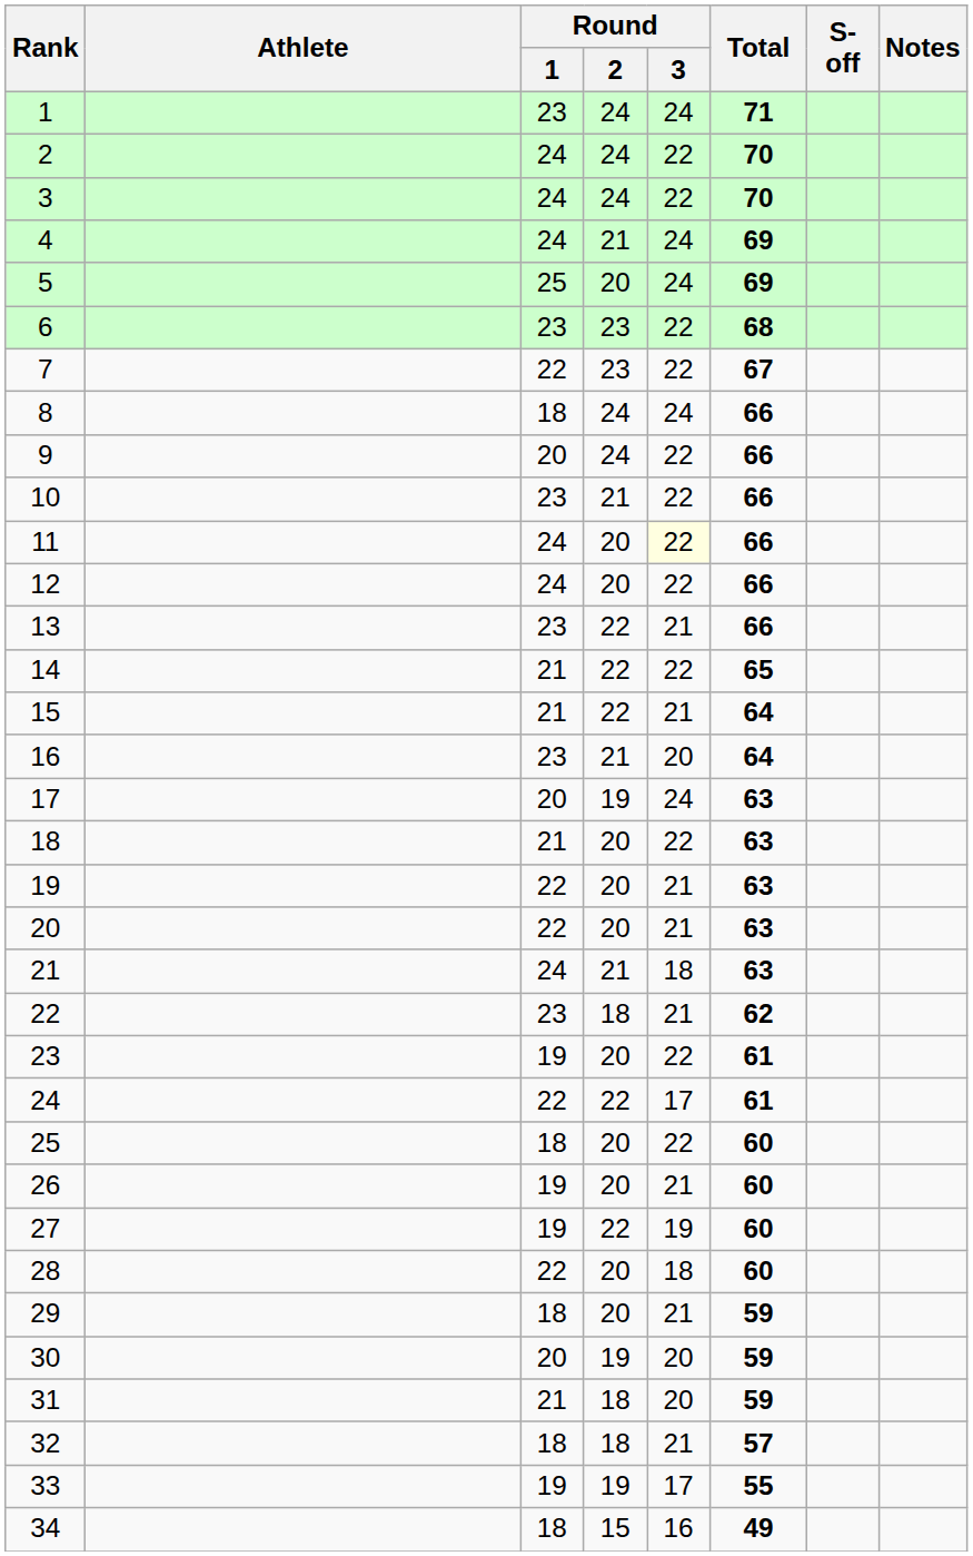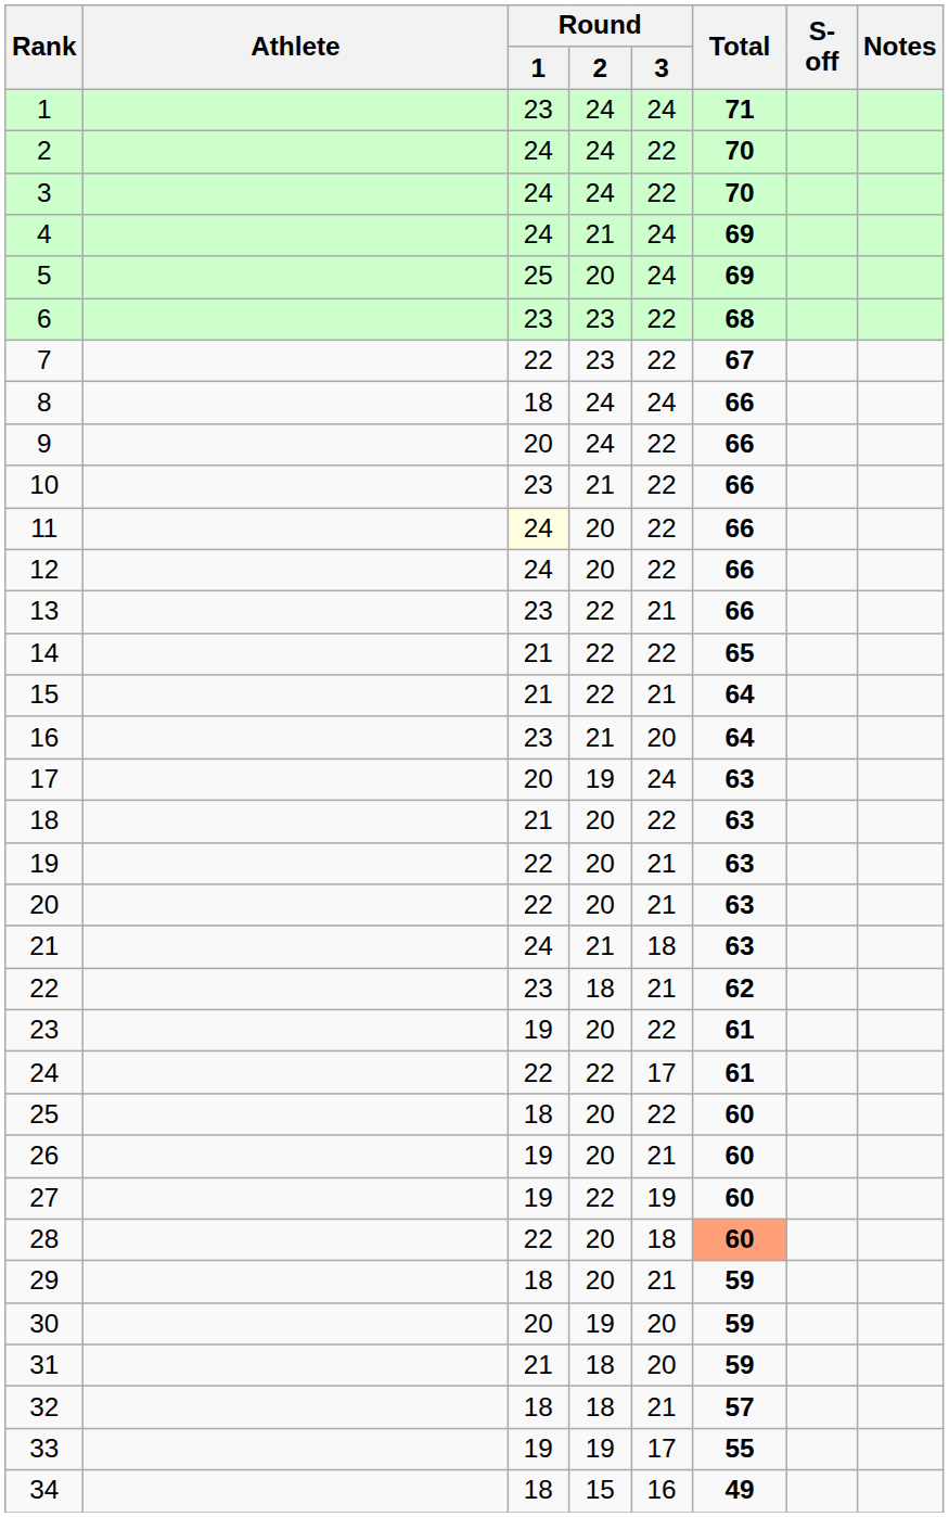 <table class="wikitable" style="text-align:center">
 <tr>
 <th rowspan=2 width=40>Rank</th>
 <th rowspan=2 width=250>Athlete</th>
 <th colspan=3>Round</th>
 <th rowspan=2 width=50>Total</th>
 <th rowspan=2 width=35>S-off</th>
 <th rowspan=2 width=45>Notes</th>
 </tr>
 <tr>
 <th width=30>1</th>
 <th width=30>2</th>
 <th width=30>3</th>
 </tr>
 <tr bgcolor=ccffcc>
 <td>1</td>
 <td align=left></td>
 <td>23</td>
 <td>24</td>
 <td>24</td>
 <td><strong>71</strong></td>
 <td></td>
 <td></td>
 </tr>
 <tr bgcolor=ccffcc>
 <td>2</td>
 <td align=left></td>
 <td>24</td>
 <td>24</td>
 <td>22</td>
 <td><strong>70</strong></td>
 <td></td>
 <td></td>
 </tr>
 <tr bgcolor=ccffcc>
 <td>3</td>
 <td align=left></td>
 <td>24</td>
 <td>24</td>
 <td>22</td>
 <td><strong>70</strong></td>
 <td></td>
 <td></td>
 </tr>
 <tr bgcolor=ccffcc>
 <td>4</td>
 <td align=left></td>
 <td>24</td>
 <td>21</td>
 <td>24</td>
 <td><strong>69</strong></td>
 <td></td>
 <td></td>
 </tr>
 <tr bgcolor=ccffcc>
 <td>5</td>
 <td align=left></td>
 <td>25</td>
 <td>20</td>
 <td>24</td>
 <td><strong>69</strong></td>
 <td></td>
 <td></td>
 </tr>
 <tr bgcolor=ccffcc>
 <td>6</td>
 <td align=left></td>
 <td>23</td>
 <td>23</td>
 <td>22</td>
 <td><strong>68</strong></td>
 <td></td>
 <td></td>
 </tr>
 <tr>
 <td>7</td>
 <td align=left></td>
 <td>22</td>
 <td>23</td>
 <td>22</td>
 <td><strong>67</strong></td>
 <td></td>
 <td></td>
 </tr>
 <tr>
 <td>8</td>
 <td align=left></td>
 <td>18</td>
 <td>24</td>
 <td>24</td>
 <td><strong>66</strong></td>
 <td></td>
 <td></td>
 </tr>
 <tr>
 <td>9</td>
 <td align=left></td>
 <td>20</td>
 <td>24</td>
 <td>22</td>
 <td><strong>66</strong></td>
 <td></td>
 <td></td>
 </tr>
 <tr>
 <td>10</td>
 <td align=left></td>
 <td>23</td>
 <td>21</td>
 <td>22</td>
 <td><strong>66</strong></td>
 <td></td>
 <td></td>
 </tr>
 <tr>
 <td>11</td>
 <td align=left></td>
-<td>24</td>
+<td style="background: lightyellow;">24</td>
 <td>20</td>
-<td style="background: lightyellow;">22</td>
+<td>22</td>
 <td><strong>66</strong></td>
 <td></td>
 <td></td>
 </tr>
 <tr>
 <td>12</td>
 <td align=left></td>
 <td>24</td>
 <td>20</td>
 <td>22</td>
 <td><strong>66</strong></td>
 <td></td>
 <td></td>
 </tr>
 <tr>
 <td>13</td>
 <td align=left></td>
 <td>23</td>
 <td>22</td>
 <td>21</td>
 <td><strong>66</strong></td>
 <td></td>
 <td></td>
 </tr>
 <tr>
 <td>14</td>
 <td align=left></td>
 <td>21</td>
 <td>22</td>
 <td>22</td>
 <td><strong>65</strong></td>
 <td></td>
 <td></td>
 </tr>
 <tr>
 <td>15</td>
 <td align=left></td>
 <td>21</td>
 <td>22</td>
 <td>21</td>
 <td><strong>64</strong></td>
 <td></td>
 <td></td>
 </tr>
 <tr>
 <td>16</td>
 <td align=left></td>
 <td>23</td>
 <td>21</td>
 <td>20</td>
 <td><strong>64</strong></td>
 <td></td>
 <td></td>
 </tr>
 <tr>
 <td>17</td>
 <td align=left></td>
 <td>20</td>
 <td>19</td>
 <td>24</td>
 <td><strong>63</strong></td>
 <td></td>
 <td></td>
 </tr>
 <tr>
 <td>18</td>
 <td align=left></td>
 <td>21</td>
 <td>20</td>
 <td>22</td>
 <td><strong>63</strong></td>
 <td></td>
 <td></td>
 </tr>
 <tr>
 <td>19</td>
 <td align=left></td>
 <td>22</td>
 <td>20</td>
 <td>21</td>
 <td><strong>63</strong></td>
 <td></td>
 <td></td>
 </tr>
 <tr>
 <td>20</td>
 <td align=left></td>
 <td>22</td>
 <td>20</td>
 <td>21</td>
 <td><strong>63</strong></td>
 <td></td>
 <td></td>
 </tr>
 <tr>
 <td>21</td>
 <td align=left></td>
 <td>24</td>
 <td>21</td>
 <td>18</td>
 <td><strong>63</strong></td>
 <td></td>
 <td></td>
 </tr>
 <tr>
 <td>22</td>
 <td align=left></td>
 <td>23</td>
 <td>18</td>
 <td>21</td>
 <td><strong>62</strong></td>
 <td></td>
 <td></td>
 </tr>
 <tr>
 <td>23</td>
 <td align=left></td>
 <td>19</td>
 <td>20</td>
 <td>22</td>
 <td><strong>61</strong></td>
 <td></td>
 <td></td>
 </tr>
 <tr>
 <td>24</td>
 <td align=left></td>
 <td>22</td>
 <td>22</td>
 <td>17</td>
 <td><strong>61</strong></td>
 <td></td>
 <td></td>
 </tr>
 <tr>
 <td>25</td>
 <td align=left></td>
 <td>18</td>
 <td>20</td>
 <td>22</td>
 <td><strong>60</strong></td>
 <td></td>
 <td></td>
 </tr>
 <tr>
 <td>26</td>
 <td align=left></td>
 <td>19</td>
 <td>20</td>
 <td>21</td>
 <td><strong>60</strong></td>
 <td></td>
 <td></td>
 </tr>
 <tr>
 <td>27</td>
 <td align=left></td>
 <td>19</td>
 <td>22</td>
 <td>19</td>
 <td><strong>60</strong></td>
 <td></td>
 <td></td>
 </tr>
 <tr>
 <td>28</td>
 <td align=left></td>
 <td>22</td>
 <td>20</td>
 <td>18</td>
-<td><strong>60</strong></td>
+<td style="background: lightsalmon;"><strong>60</strong></td>
 <td></td>
 <td></td>
 </tr>
 <tr>
 <td>29</td>
 <td align=left></td>
 <td>18</td>
 <td>20</td>
 <td>21</td>
 <td><strong>59</strong></td>
 <td></td>
 <td></td>
 </tr>
 <tr>
 <td>30</td>
 <td align=left></td>
 <td>20</td>
 <td>19</td>
 <td>20</td>
 <td><strong>59</strong></td>
 <td></td>
 <td></td>
 </tr>
 <tr>
 <td>31</td>
 <td align=left></td>
 <td>21</td>
 <td>18</td>
 <td>20</td>
 <td><strong>59</strong></td>
 <td></td>
 <td></td>
 </tr>
 <tr>
 <td>32</td>
 <td align=left></td>
 <td>18</td>
 <td>18</td>
 <td>21</td>
 <td><strong>57</strong></td>
 <td></td>
 <td></td>
 </tr>
 <tr>
 <td>33</td>
 <td align=left></td>
 <td>19</td>
 <td>19</td>
 <td>17</td>
 <td><strong>55</strong></td>
 <td></td>
 <td></td>
 </tr>
 <tr>
 <td>34</td>
 <td align=left></td>
 <td>18</td>
 <td>15</td>
 <td>16</td>
 <td><strong>49</strong></td>
 <td></td>
 <td></td>
 </tr>
 </table>
